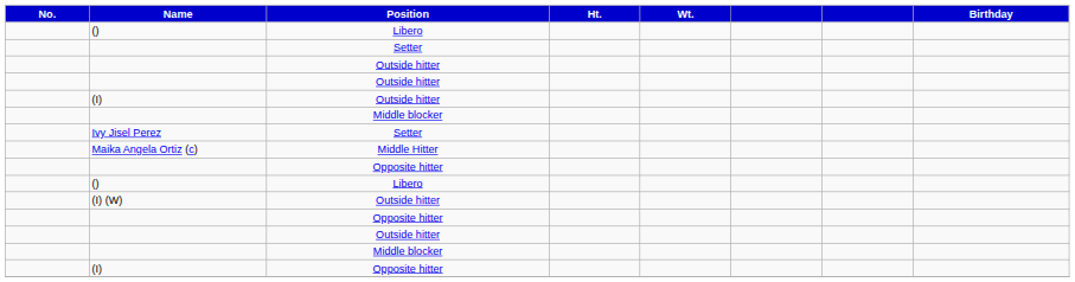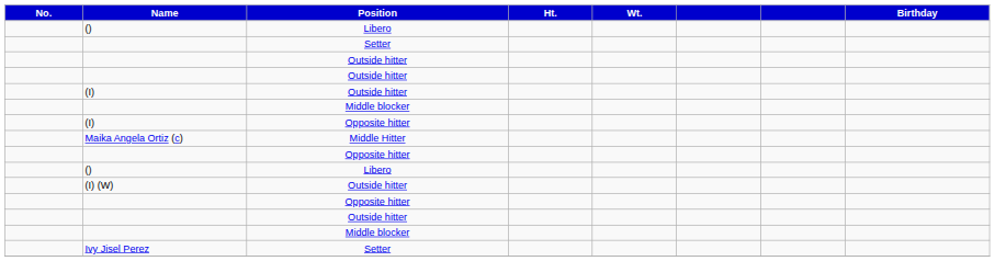 <table class="wikitable sortable" style="font-size:90%; text-align:center; width:90%;">
 <tr>
 <th style="background:#0000CD; color:white; text-align: center"><strong>No.</strong></th>
 <th style="width:16em; background:#0000CD; color:white;">Name</th>
 <th style="background:#0000CD; color:white; text-align: center"><strong>Position</strong></th>
 <th style="width:8em; background:#0000CD; color:white;">Ht.</th>
 <th style="width:8em; background:#0000CD; color:white;">Wt.</th>
 <th style="width:8em; background:#0000CD; color:white;"></th>
 <th style="width:8em; background:#0000CD; color:white;"></th>
 <th style="width:14em; background:#0000CD; color:white;">Birthday</th>
 </tr>
 <tr>
 <td></td>
 <td align=left>   ()</td>
 <td><a href='#'>Libero</a></td>
 <td></td>
 <td></td>
 <td></td>
 <td></td>
 <td align=right></td>
 </tr>
 <tr>
 <td></td>
 <td align=left> </td>
 <td><a href='#'>Setter</a></td>
 <td></td>
 <td></td>
 <td></td>
 <td></td>
 <td align=right></td>
 </tr>
 <tr>
 <td></td>
 <td align=left> </td>
 <td><a href='#'>Outside hitter</a></td>
 <td></td>
 <td></td>
 <td></td>
 <td></td>
 <td align=right></td>
 </tr>
 <tr>
 <td></td>
 <td align=left> </td>
 <td><a href='#'>Outside hitter</a></td>
 <td></td>
 <td></td>
 <td></td>
 <td></td>
 <td align=right></td>
 </tr>
 <tr>
 <td></td>
 <td align=left>  (I)</td>
 <td><a href='#'>Outside hitter</a></td>
 <td></td>
 <td></td>
 <td></td>
 <td></td>
 <td align=right></td>
 </tr>
 <tr>
 <td></td>
 <td align=left> </td>
 <td><a href='#'>Middle blocker</a></td>
 <td></td>
 <td></td>
 <td></td>
 <td></td>
 <td align=right></td>
 </tr>
 <tr>
 <td></td>
-<td align=left> <a href='#'>Ivy Jisel Perez</a></td>
-<td><a href='#'>Setter</a></td>
+<td align=left>  (I)</td>
+<td><a href='#'>Opposite hitter</a></td>
 <td></td>
 <td></td>
 <td></td>
 <td></td>
 <td align=right></td>
 </tr>
 <tr>
 <td></td>
 <td align=left> <a href='#'>Maika Angela Ortiz</a> (<a href='#'>c</a>)</td>
 <td><a href='#'>Middle Hitter</a></td>
 <td></td>
 <td></td>
 <td></td>
 <td></td>
 <td align=right></td>
 </tr>
 <tr>
 <td></td>
 <td align=left> </td>
 <td><a href='#'>Opposite hitter</a></td>
 <td></td>
 <td></td>
 <td></td>
 <td></td>
 <td align=right></td>
 </tr>
 <tr>
 <td></td>
 <td align=left>  ()</td>
 <td><a href='#'>Libero</a></td>
 <td></td>
 <td></td>
 <td></td>
 <td></td>
 <td align=right></td>
 </tr>
 <tr>
 <td></td>
 <td align=left>   (I) (W)</td>
 <td><a href='#'>Outside hitter</a></td>
 <td></td>
 <td></td>
 <td></td>
 <td></td>
 <td align=right></td>
 </tr>
 <tr>
 <td></td>
 <td align=left> </td>
 <td><a href='#'>Opposite hitter</a></td>
 <td></td>
 <td></td>
 <td></td>
 <td></td>
 <td align=right></td>
 </tr>
 <tr>
 <td></td>
 <td align=left> </td>
 <td><a href='#'>Outside hitter</a></td>
 <td></td>
 <td></td>
 <td></td>
 <td></td>
 <td align=right></td>
 </tr>
 <tr>
 <td></td>
 <td align=left> </td>
 <td><a href='#'>Middle blocker</a></td>
 <td></td>
 <td></td>
 <td></td>
 <td></td>
 <td align=right></td>
 </tr>
 <tr>
 <td></td>
-<td align=left>  (I)</td>
-<td><a href='#'>Opposite hitter</a></td>
+<td align=left> <a href='#'>Ivy Jisel Perez</a></td>
+<td><a href='#'>Setter</a></td>
 <td></td>
 <td></td>
 <td></td>
 <td></td>
 <td align=right></td>
 </tr>
 <tr>
 </tr>
 </table>
